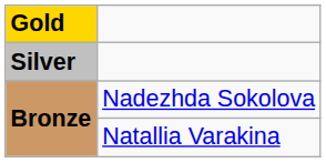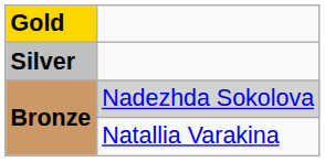 <table class="wikitable">
 <tr>
 <td bgcolor="gold"><strong>Gold</strong></td>
 <td></td>
 </tr>
 <tr>
 <td bgcolor="silver"><strong>Silver</strong></td>
 <td></td>
 </tr>
 <tr>
 <td rowspan="2" bgcolor="#cc9966"><strong>Bronze</strong></td>
-<td> <a href='#'>Nadezhda Sokolova</a> </td>
+<td style="background: lightgrey;"> <a href='#'>Nadezhda Sokolova</a> </td>
 </tr>
 <tr>
 <td> <a href='#'>Natallia Varakina</a> </td>
 </tr>
 </table>
